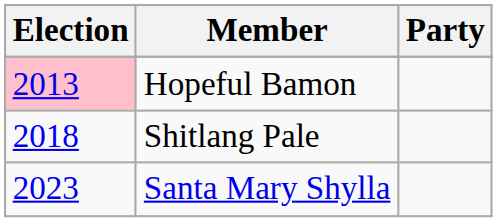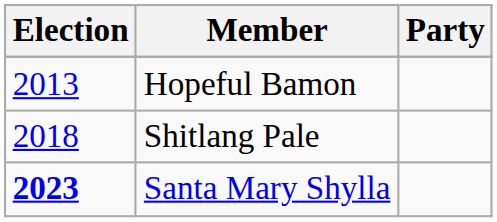 <table class="wikitable sortable">
 <tr>
 <th>Election</th>
 <th>Member</th>
 <th colspan=2>Party</th>
 </tr>
 <tr>
 </tr>
 <tr>
-<td style="background: pink;"><a href='#'>2013</a></td>
+<td><a href='#'>2013</a></td>
 <td>Hopeful Bamon</td>
 <td></td>
 </tr>
 <tr>
 <td><a href='#'>2018</a></td>
 <td>Shitlang Pale</td>
 <td></td>
 </tr>
 <tr>
-<td><a href='#'>2023</a></td>
+<td><strong><a href='#'>2023</a></strong></td>
 <td><a href='#'>Santa Mary Shylla</a></td>
 <td></td>
 </tr>
 </table>
